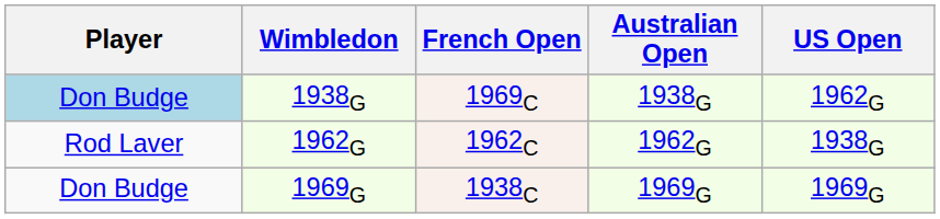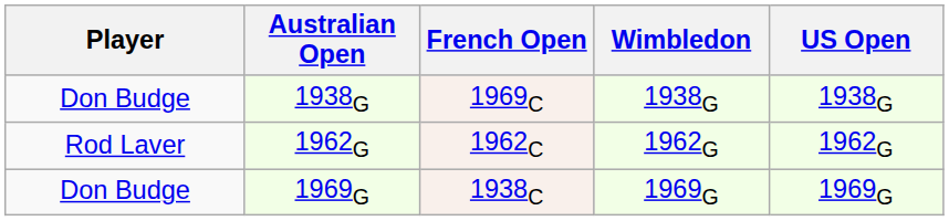 <table class="wikitable sortable nowrap col1left" style="text-align: center">
 <tr>
 <th width=140; class="unsortable">Player</th>
+<th width=100;><a href='#'>Australian Open</a></th>
+<th width=100;><a href='#'>French Open</a></th>
 <th width=100;><a href='#'>Wimbledon</a></th>
-<th width=100;><a href='#'>French Open</a></th>
-<th width=100;><a href='#'>Australian Open</a></th>
 <th width=100;><a href='#'>US Open</a></th>
 </tr>
 <tr>
-<td style="background: lightblue;"> <a href='#'>Don Budge</a></td>
+<td> <a href='#'>Don Budge</a></td>
 <td style="background: #f2ffe6;"><a href='#'>1938</a><sub>G</sub></td>
 <td style="background: #f9f0eb;"><a href='#'>1969</a><sub>C</sub></td>
 <td style="background: #f2ffe6;"><a href='#'>1938</a><sub>G</sub></td>
-<td style="background: #f2ffe6;"><a href='#'>1962</a><sub>G</sub></td>
+<td style="background: #f2ffe6;"><a href='#'>1938</a><sub>G</sub></td>
 </tr>
 <tr>
 <td> <a href='#'>Rod Laver</a></td>
 <td style="background: #f2ffe6;"><a href='#'>1962</a><sub>G</sub></td>
 <td style="background: #f9f0eb;"><a href='#'>1962</a><sub>C</sub></td>
 <td style="background: #f2ffe6;"><a href='#'>1962</a><sub>G</sub></td>
-<td style="background: #f2ffe6;"><a href='#'>1938</a><sub>G</sub></td>
+<td style="background: #f2ffe6;"><a href='#'>1962</a><sub>G</sub></td>
 </tr>
 <tr>
 <td> <a href='#'>Don Budge</a></td>
 <td style="background: #f2ffe6;"><a href='#'>1969</a><sub>G</sub></td>
 <td style="background: #f9f0eb;"><a href='#'>1938</a><sub>C</sub></td>
 <td style="background: #f2ffe6;"><a href='#'>1969</a><sub>G</sub></td>
 <td style="background: #f2ffe6;"><a href='#'>1969</a><sub>G</sub></td>
 </tr>
 </table>
